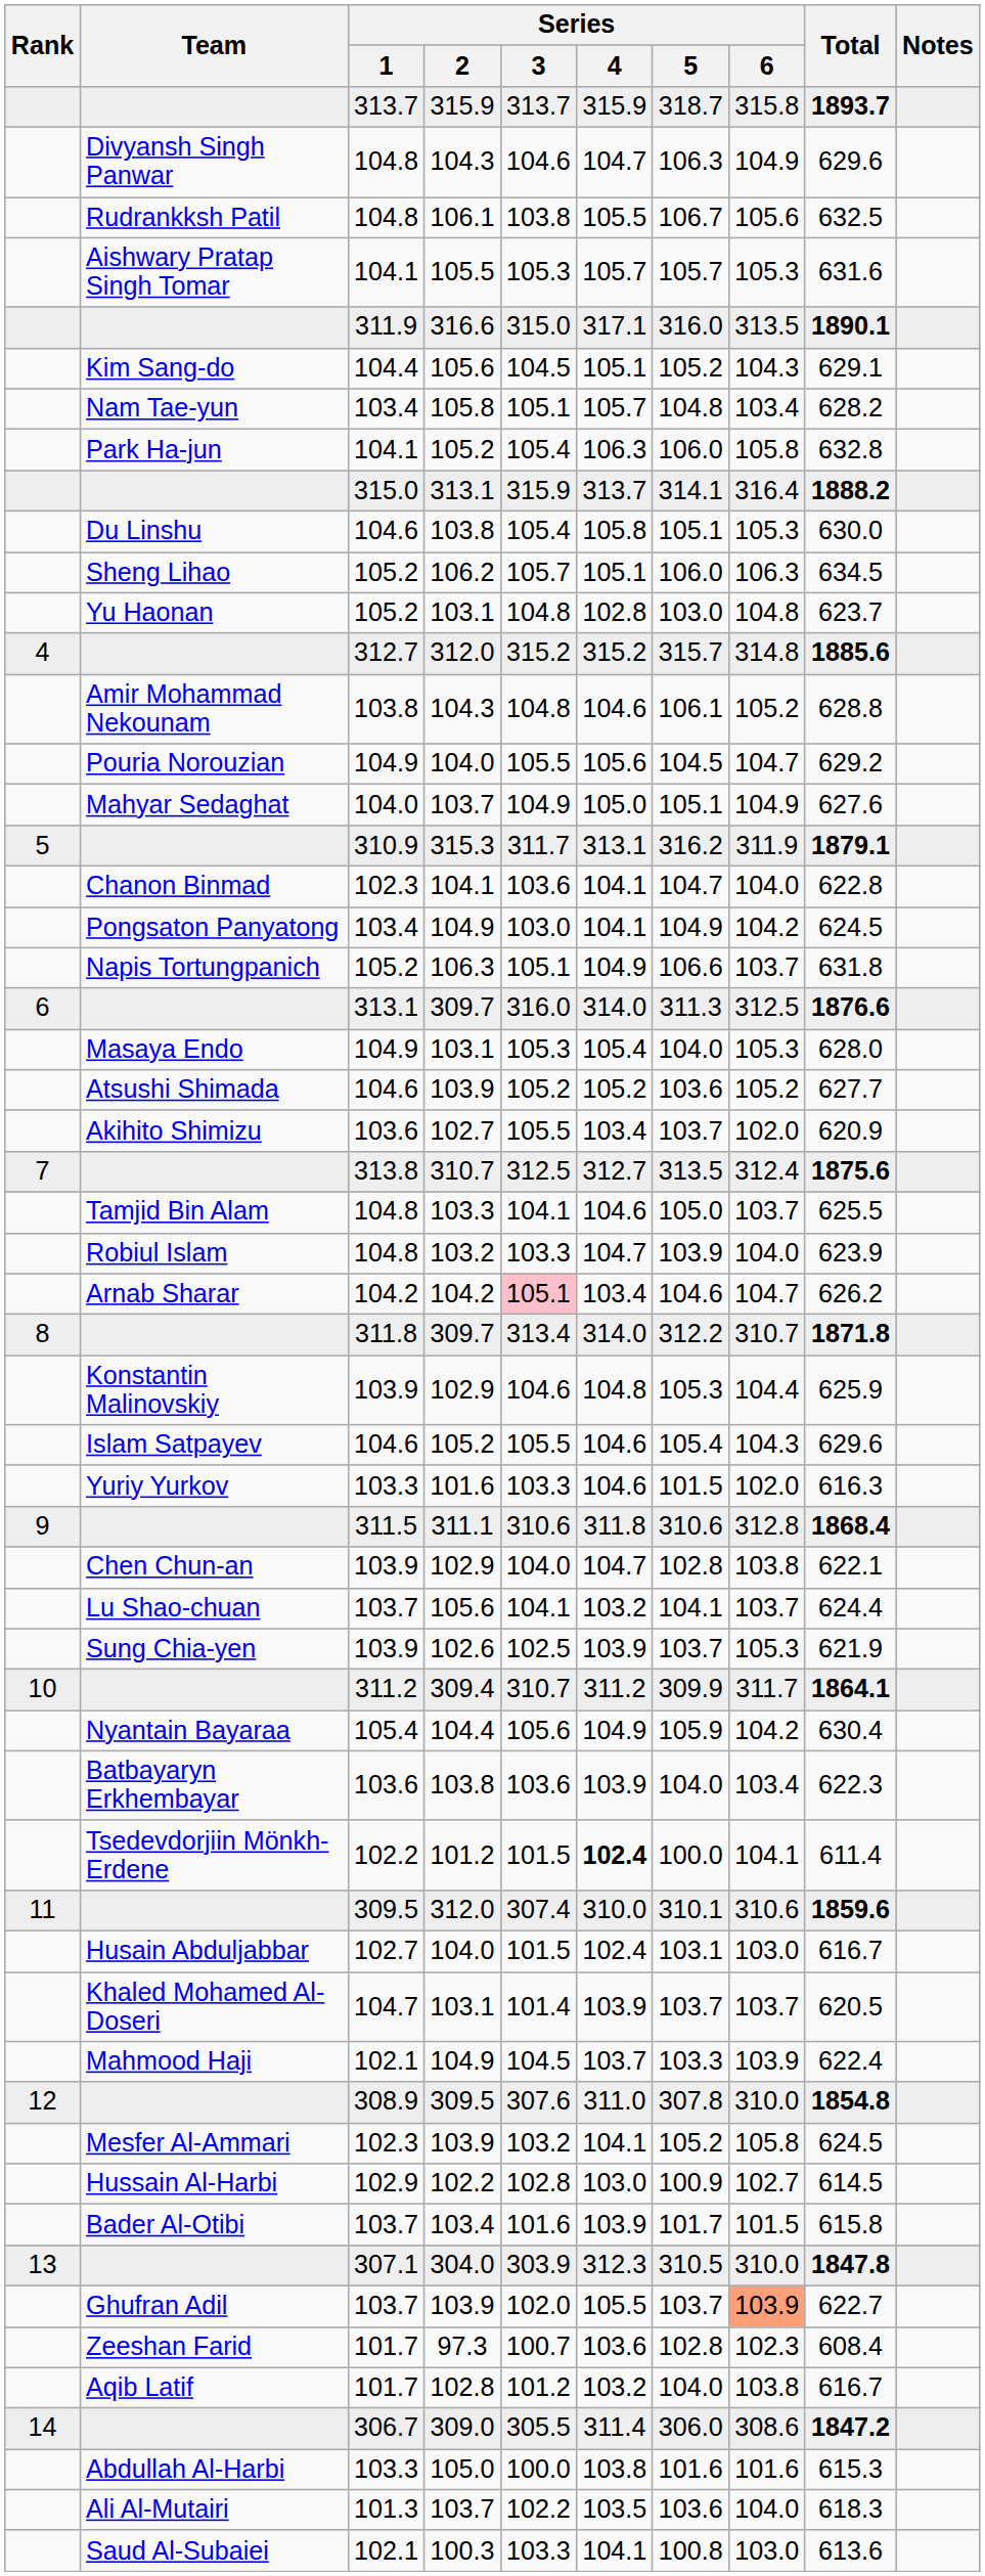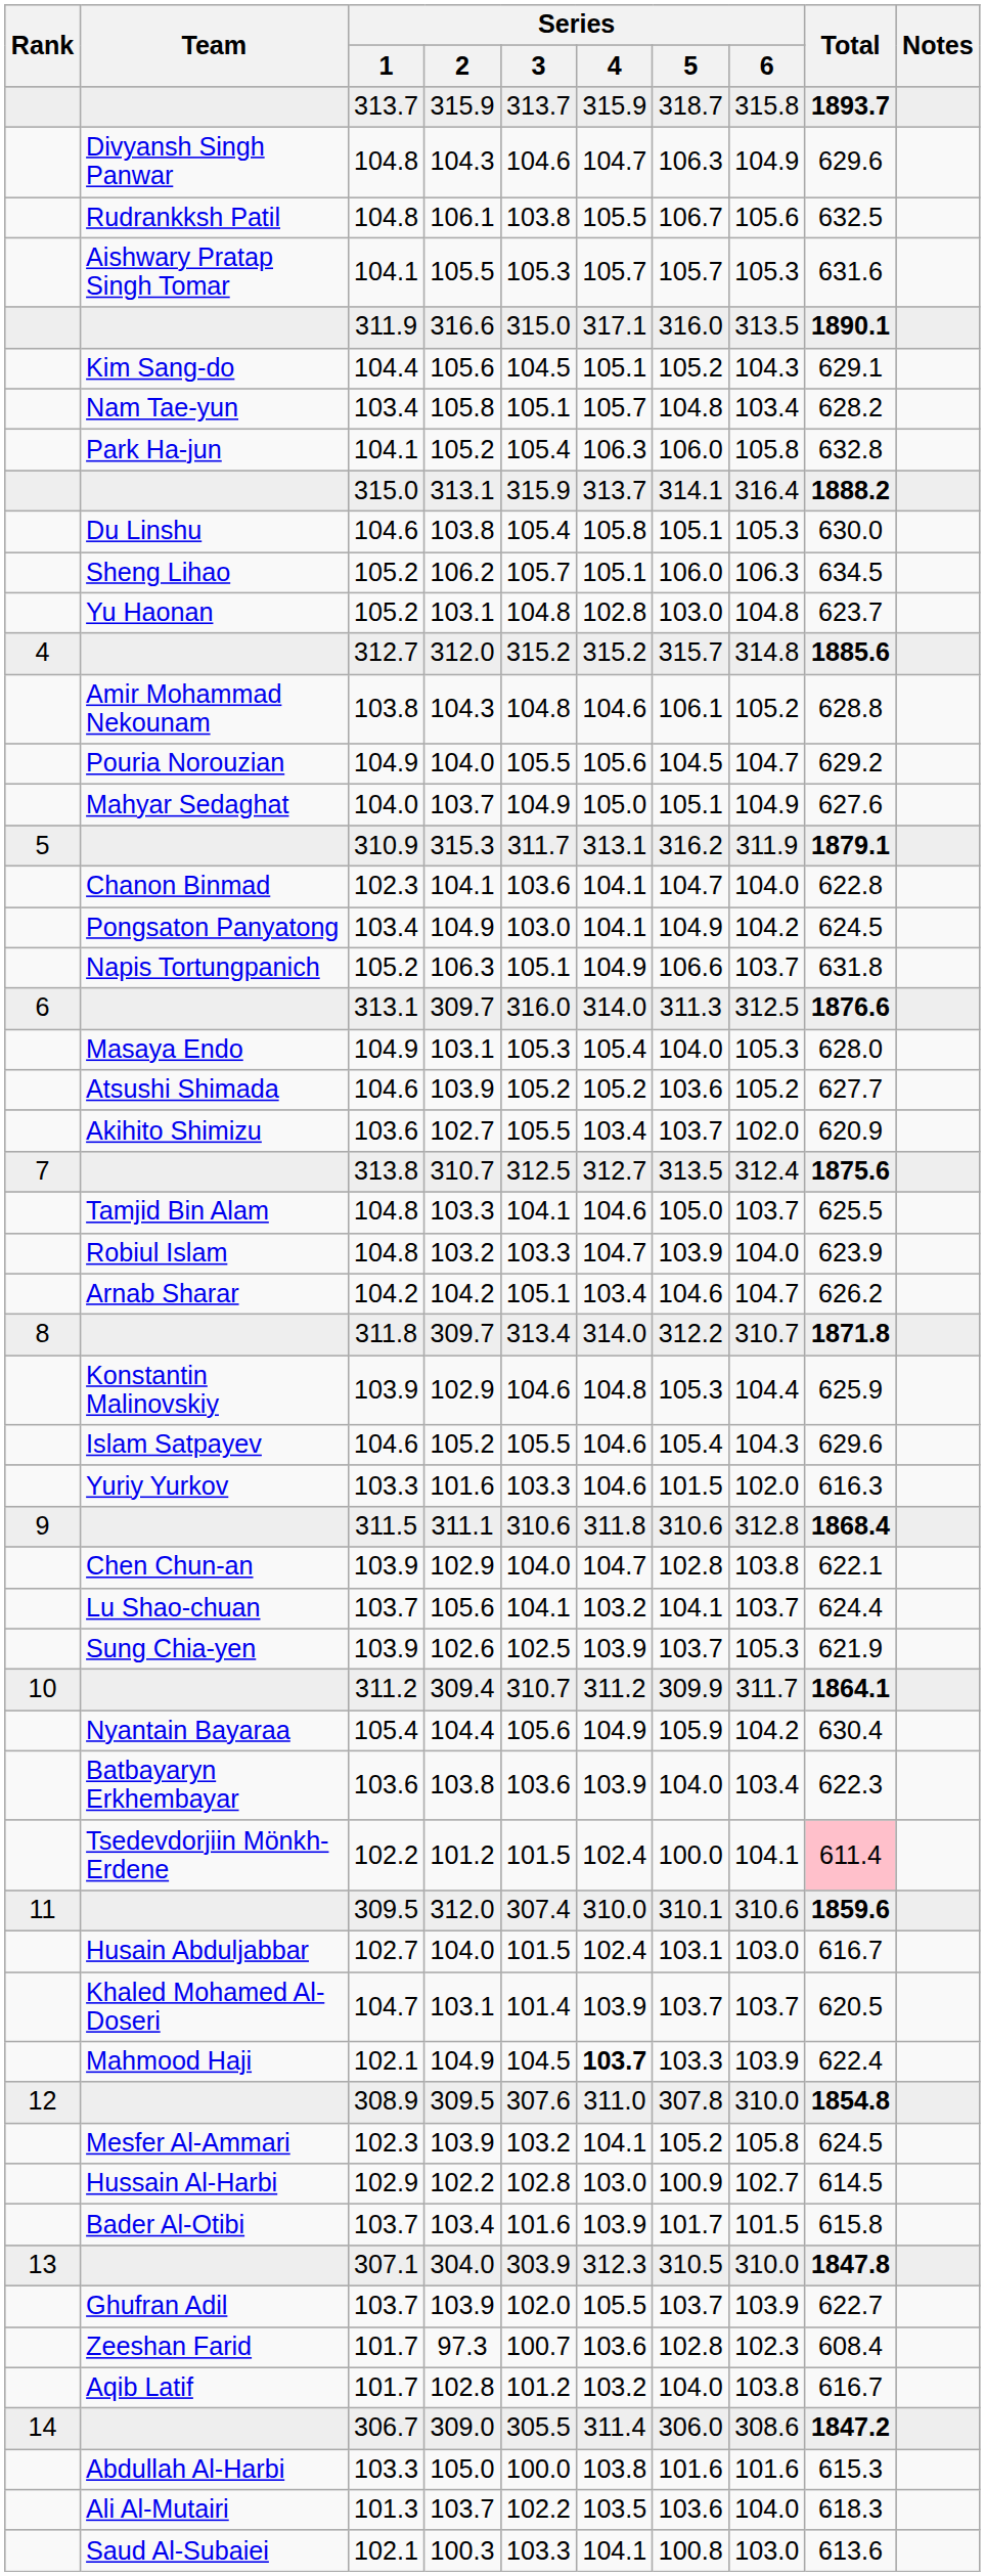 <table class="wikitable" style="text-align:center">
 <tr>
 <th rowspan=2 width=40>Rank</th>
 <th rowspan=2 width=250>Team</th>
 <th colspan=6>Series</th>
 <th rowspan=2 width=50>Total</th>
 <th rowspan=2 width=45>Notes</th>
 </tr>
 <tr>
 <th width=40>1</th>
 <th width=40>2</th>
 <th width=40>3</th>
 <th width=40>4</th>
 <th width=40>5</th>
 <th width=40>6</th>
 </tr>
 <tr bgcolor=eeeeee>
 <td></td>
 <td align=left></td>
 <td>313.7</td>
 <td>315.9</td>
 <td>313.7</td>
 <td>315.9</td>
 <td>318.7</td>
 <td>315.8</td>
 <td><strong>1893.7</strong></td>
 <td></td>
 </tr>
 <tr>
 <td></td>
 <td align=left><a href='#'>Divyansh Singh Panwar</a></td>
 <td>104.8</td>
 <td>104.3</td>
 <td>104.6</td>
 <td>104.7</td>
 <td>106.3</td>
 <td>104.9</td>
 <td>629.6</td>
 <td></td>
 </tr>
 <tr>
 <td></td>
 <td align=left><a href='#'>Rudrankksh Patil</a></td>
 <td>104.8</td>
 <td>106.1</td>
 <td>103.8</td>
 <td>105.5</td>
 <td>106.7</td>
 <td>105.6</td>
 <td>632.5</td>
 <td></td>
 </tr>
 <tr>
 <td></td>
 <td align=left><a href='#'>Aishwary Pratap Singh Tomar</a></td>
 <td>104.1</td>
 <td>105.5</td>
 <td>105.3</td>
 <td>105.7</td>
 <td>105.7</td>
 <td>105.3</td>
 <td>631.6</td>
 <td></td>
 </tr>
 <tr bgcolor=eeeeee>
 <td></td>
 <td align=left></td>
 <td>311.9</td>
 <td>316.6</td>
 <td>315.0</td>
 <td>317.1</td>
 <td>316.0</td>
 <td>313.5</td>
 <td><strong>1890.1</strong></td>
 <td></td>
 </tr>
 <tr>
 <td></td>
 <td align=left><a href='#'>Kim Sang-do</a></td>
 <td>104.4</td>
 <td>105.6</td>
 <td>104.5</td>
 <td>105.1</td>
 <td>105.2</td>
 <td>104.3</td>
 <td>629.1</td>
 <td></td>
 </tr>
 <tr>
 <td></td>
 <td align=left><a href='#'>Nam Tae-yun</a></td>
 <td>103.4</td>
 <td>105.8</td>
 <td>105.1</td>
 <td>105.7</td>
 <td>104.8</td>
 <td>103.4</td>
 <td>628.2</td>
 <td></td>
 </tr>
 <tr>
 <td></td>
 <td align=left><a href='#'>Park Ha-jun</a></td>
 <td>104.1</td>
 <td>105.2</td>
 <td>105.4</td>
 <td>106.3</td>
 <td>106.0</td>
 <td>105.8</td>
 <td>632.8</td>
 <td></td>
 </tr>
 <tr bgcolor=eeeeee>
 <td></td>
 <td align=left></td>
 <td>315.0</td>
 <td>313.1</td>
 <td>315.9</td>
 <td>313.7</td>
 <td>314.1</td>
 <td>316.4</td>
 <td><strong>1888.2</strong></td>
 <td></td>
 </tr>
 <tr>
 <td></td>
 <td align=left><a href='#'>Du Linshu</a></td>
 <td>104.6</td>
 <td>103.8</td>
 <td>105.4</td>
 <td>105.8</td>
 <td>105.1</td>
 <td>105.3</td>
 <td>630.0</td>
 <td></td>
 </tr>
 <tr>
 <td></td>
 <td align=left><a href='#'>Sheng Lihao</a></td>
 <td>105.2</td>
 <td>106.2</td>
 <td>105.7</td>
 <td>105.1</td>
 <td>106.0</td>
 <td>106.3</td>
 <td>634.5</td>
 <td></td>
 </tr>
 <tr>
 <td></td>
 <td align=left><a href='#'>Yu Haonan</a></td>
 <td>105.2</td>
 <td>103.1</td>
 <td>104.8</td>
 <td>102.8</td>
 <td>103.0</td>
 <td>104.8</td>
 <td>623.7</td>
 <td></td>
 </tr>
 <tr bgcolor=eeeeee>
 <td>4</td>
 <td align=left></td>
 <td>312.7</td>
 <td>312.0</td>
 <td>315.2</td>
 <td>315.2</td>
 <td>315.7</td>
 <td>314.8</td>
 <td><strong>1885.6</strong></td>
 <td></td>
 </tr>
 <tr>
 <td></td>
 <td align=left><a href='#'>Amir Mohammad Nekounam</a></td>
 <td>103.8</td>
 <td>104.3</td>
 <td>104.8</td>
 <td>104.6</td>
 <td>106.1</td>
 <td>105.2</td>
 <td>628.8</td>
 <td></td>
 </tr>
 <tr>
 <td></td>
 <td align=left><a href='#'>Pouria Norouzian</a></td>
 <td>104.9</td>
 <td>104.0</td>
 <td>105.5</td>
 <td>105.6</td>
 <td>104.5</td>
 <td>104.7</td>
 <td>629.2</td>
 <td></td>
 </tr>
 <tr>
 <td></td>
 <td align=left><a href='#'>Mahyar Sedaghat</a></td>
 <td>104.0</td>
 <td>103.7</td>
 <td>104.9</td>
 <td>105.0</td>
 <td>105.1</td>
 <td>104.9</td>
 <td>627.6</td>
 <td></td>
 </tr>
 <tr bgcolor=eeeeee>
 <td>5</td>
 <td align=left></td>
 <td>310.9</td>
 <td>315.3</td>
 <td>311.7</td>
 <td>313.1</td>
 <td>316.2</td>
 <td>311.9</td>
 <td><strong>1879.1</strong></td>
 <td></td>
 </tr>
 <tr>
 <td></td>
 <td align=left><a href='#'>Chanon Binmad</a></td>
 <td>102.3</td>
 <td>104.1</td>
 <td>103.6</td>
 <td>104.1</td>
 <td>104.7</td>
 <td>104.0</td>
 <td>622.8</td>
 <td></td>
 </tr>
 <tr>
 <td></td>
 <td align=left><a href='#'>Pongsaton Panyatong</a></td>
 <td>103.4</td>
 <td>104.9</td>
 <td>103.0</td>
 <td>104.1</td>
 <td>104.9</td>
 <td>104.2</td>
 <td>624.5</td>
 <td></td>
 </tr>
 <tr>
 <td></td>
 <td align=left><a href='#'>Napis Tortungpanich</a></td>
 <td>105.2</td>
 <td>106.3</td>
 <td>105.1</td>
 <td>104.9</td>
 <td>106.6</td>
 <td>103.7</td>
 <td>631.8</td>
 <td></td>
 </tr>
 <tr bgcolor=eeeeee>
 <td>6</td>
 <td align=left></td>
 <td>313.1</td>
 <td>309.7</td>
 <td>316.0</td>
 <td>314.0</td>
 <td>311.3</td>
 <td>312.5</td>
 <td><strong>1876.6</strong></td>
 <td></td>
 </tr>
 <tr>
 <td></td>
 <td align=left><a href='#'>Masaya Endo</a></td>
 <td>104.9</td>
 <td>103.1</td>
 <td>105.3</td>
 <td>105.4</td>
 <td>104.0</td>
 <td>105.3</td>
 <td>628.0</td>
 <td></td>
 </tr>
 <tr>
 <td></td>
 <td align=left><a href='#'>Atsushi Shimada</a></td>
 <td>104.6</td>
 <td>103.9</td>
 <td>105.2</td>
 <td>105.2</td>
 <td>103.6</td>
 <td>105.2</td>
 <td>627.7</td>
 <td></td>
 </tr>
 <tr>
 <td></td>
 <td align=left><a href='#'>Akihito Shimizu</a></td>
 <td>103.6</td>
 <td>102.7</td>
 <td>105.5</td>
 <td>103.4</td>
 <td>103.7</td>
 <td>102.0</td>
 <td>620.9</td>
 <td></td>
 </tr>
 <tr bgcolor=eeeeee>
 <td>7</td>
 <td align=left></td>
 <td>313.8</td>
 <td>310.7</td>
 <td>312.5</td>
 <td>312.7</td>
 <td>313.5</td>
 <td>312.4</td>
 <td><strong>1875.6</strong></td>
 <td></td>
 </tr>
 <tr>
 <td></td>
 <td align=left><a href='#'>Tamjid Bin Alam</a></td>
 <td>104.8</td>
 <td>103.3</td>
 <td>104.1</td>
 <td>104.6</td>
 <td>105.0</td>
 <td>103.7</td>
 <td>625.5</td>
 <td></td>
 </tr>
 <tr>
 <td></td>
 <td align=left><a href='#'>Robiul Islam</a></td>
 <td>104.8</td>
 <td>103.2</td>
 <td>103.3</td>
 <td>104.7</td>
 <td>103.9</td>
 <td>104.0</td>
 <td>623.9</td>
 <td></td>
 </tr>
 <tr>
 <td></td>
 <td align=left><a href='#'>Arnab Sharar</a></td>
 <td>104.2</td>
 <td>104.2</td>
-<td style="background: pink;">105.1</td>
+<td>105.1</td>
 <td>103.4</td>
 <td>104.6</td>
 <td>104.7</td>
 <td>626.2</td>
 <td></td>
 </tr>
 <tr bgcolor=eeeeee>
 <td>8</td>
 <td align=left></td>
 <td>311.8</td>
 <td>309.7</td>
 <td>313.4</td>
 <td>314.0</td>
 <td>312.2</td>
 <td>310.7</td>
 <td><strong>1871.8</strong></td>
 <td></td>
 </tr>
 <tr>
 <td></td>
 <td align=left><a href='#'>Konstantin Malinovskiy</a></td>
 <td>103.9</td>
 <td>102.9</td>
 <td>104.6</td>
 <td>104.8</td>
 <td>105.3</td>
 <td>104.4</td>
 <td>625.9</td>
 <td></td>
 </tr>
 <tr>
 <td></td>
 <td align=left><a href='#'>Islam Satpayev</a></td>
 <td>104.6</td>
 <td>105.2</td>
 <td>105.5</td>
 <td>104.6</td>
 <td>105.4</td>
 <td>104.3</td>
 <td>629.6</td>
 <td></td>
 </tr>
 <tr>
 <td></td>
 <td align=left><a href='#'>Yuriy Yurkov</a></td>
 <td>103.3</td>
 <td>101.6</td>
 <td>103.3</td>
 <td>104.6</td>
 <td>101.5</td>
 <td>102.0</td>
 <td>616.3</td>
 <td></td>
 </tr>
 <tr bgcolor=eeeeee>
 <td>9</td>
 <td align=left></td>
 <td>311.5</td>
 <td>311.1</td>
 <td>310.6</td>
 <td>311.8</td>
 <td>310.6</td>
 <td>312.8</td>
 <td><strong>1868.4</strong></td>
 <td></td>
 </tr>
 <tr>
 <td></td>
 <td align=left><a href='#'>Chen Chun-an</a></td>
 <td>103.9</td>
 <td>102.9</td>
 <td>104.0</td>
 <td>104.7</td>
 <td>102.8</td>
 <td>103.8</td>
 <td>622.1</td>
 <td></td>
 </tr>
 <tr>
 <td></td>
 <td align=left><a href='#'>Lu Shao-chuan</a></td>
 <td>103.7</td>
 <td>105.6</td>
 <td>104.1</td>
 <td>103.2</td>
 <td>104.1</td>
 <td>103.7</td>
 <td>624.4</td>
 <td></td>
 </tr>
 <tr>
 <td></td>
 <td align=left><a href='#'>Sung Chia-yen</a></td>
 <td>103.9</td>
 <td>102.6</td>
 <td>102.5</td>
 <td>103.9</td>
 <td>103.7</td>
 <td>105.3</td>
 <td>621.9</td>
 <td></td>
 </tr>
 <tr bgcolor=eeeeee>
 <td>10</td>
 <td align=left></td>
 <td>311.2</td>
 <td>309.4</td>
 <td>310.7</td>
 <td>311.2</td>
 <td>309.9</td>
 <td>311.7</td>
 <td><strong>1864.1</strong></td>
 <td></td>
 </tr>
 <tr>
 <td></td>
 <td align=left><a href='#'>Nyantain Bayaraa</a></td>
 <td>105.4</td>
 <td>104.4</td>
 <td>105.6</td>
 <td>104.9</td>
 <td>105.9</td>
 <td>104.2</td>
 <td>630.4</td>
 <td></td>
 </tr>
 <tr>
 <td></td>
 <td align=left><a href='#'>Batbayaryn Erkhembayar</a></td>
 <td>103.6</td>
 <td>103.8</td>
 <td>103.6</td>
 <td>103.9</td>
 <td>104.0</td>
 <td>103.4</td>
 <td>622.3</td>
 <td></td>
 </tr>
 <tr>
 <td></td>
 <td align=left><a href='#'>Tsedevdorjiin Mönkh-Erdene</a></td>
 <td>102.2</td>
 <td>101.2</td>
 <td>101.5</td>
-<td><strong>102.4</strong></td>
+<td>102.4</td>
 <td>100.0</td>
 <td>104.1</td>
-<td>611.4</td>
+<td style="background: pink;">611.4</td>
 <td></td>
 </tr>
 <tr bgcolor=eeeeee>
 <td>11</td>
 <td align=left></td>
 <td>309.5</td>
 <td>312.0</td>
 <td>307.4</td>
 <td>310.0</td>
 <td>310.1</td>
 <td>310.6</td>
 <td><strong>1859.6</strong></td>
 <td></td>
 </tr>
 <tr>
 <td></td>
 <td align=left><a href='#'>Husain Abduljabbar</a></td>
 <td>102.7</td>
 <td>104.0</td>
 <td>101.5</td>
 <td>102.4</td>
 <td>103.1</td>
 <td>103.0</td>
 <td>616.7</td>
 <td></td>
 </tr>
 <tr>
 <td></td>
 <td align=left><a href='#'>Khaled Mohamed Al-Doseri</a></td>
 <td>104.7</td>
 <td>103.1</td>
 <td>101.4</td>
 <td>103.9</td>
 <td>103.7</td>
 <td>103.7</td>
 <td>620.5</td>
 <td></td>
 </tr>
 <tr>
 <td></td>
 <td align=left><a href='#'>Mahmood Haji</a></td>
 <td>102.1</td>
 <td>104.9</td>
 <td>104.5</td>
-<td>103.7</td>
+<td><strong>103.7</strong></td>
 <td>103.3</td>
 <td>103.9</td>
 <td>622.4</td>
 <td></td>
 </tr>
 <tr bgcolor=eeeeee>
 <td>12</td>
 <td align=left></td>
 <td>308.9</td>
 <td>309.5</td>
 <td>307.6</td>
 <td>311.0</td>
 <td>307.8</td>
 <td>310.0</td>
 <td><strong>1854.8</strong></td>
 <td></td>
 </tr>
 <tr>
 <td></td>
 <td align=left><a href='#'>Mesfer Al-Ammari</a></td>
 <td>102.3</td>
 <td>103.9</td>
 <td>103.2</td>
 <td>104.1</td>
 <td>105.2</td>
 <td>105.8</td>
 <td>624.5</td>
 <td></td>
 </tr>
 <tr>
 <td></td>
 <td align=left><a href='#'>Hussain Al-Harbi</a></td>
 <td>102.9</td>
 <td>102.2</td>
 <td>102.8</td>
 <td>103.0</td>
 <td>100.9</td>
 <td>102.7</td>
 <td>614.5</td>
 <td></td>
 </tr>
 <tr>
 <td></td>
 <td align=left><a href='#'>Bader Al-Otibi</a></td>
 <td>103.7</td>
 <td>103.4</td>
 <td>101.6</td>
 <td>103.9</td>
 <td>101.7</td>
 <td>101.5</td>
 <td>615.8</td>
 <td></td>
 </tr>
 <tr bgcolor=eeeeee>
 <td>13</td>
 <td align=left></td>
 <td>307.1</td>
 <td>304.0</td>
 <td>303.9</td>
 <td>312.3</td>
 <td>310.5</td>
 <td>310.0</td>
 <td><strong>1847.8</strong></td>
 <td></td>
 </tr>
 <tr>
 <td></td>
 <td align=left><a href='#'>Ghufran Adil</a></td>
 <td>103.7</td>
 <td>103.9</td>
 <td>102.0</td>
 <td>105.5</td>
 <td>103.7</td>
-<td style="background: lightsalmon;">103.9</td>
+<td>103.9</td>
 <td>622.7</td>
 <td></td>
 </tr>
 <tr>
 <td></td>
 <td align=left><a href='#'>Zeeshan Farid</a></td>
 <td>101.7</td>
 <td>97.3</td>
 <td>100.7</td>
 <td>103.6</td>
 <td>102.8</td>
 <td>102.3</td>
 <td>608.4</td>
 <td></td>
 </tr>
 <tr>
 <td></td>
 <td align=left><a href='#'>Aqib Latif</a></td>
 <td>101.7</td>
 <td>102.8</td>
 <td>101.2</td>
 <td>103.2</td>
 <td>104.0</td>
 <td>103.8</td>
 <td>616.7</td>
 <td></td>
 </tr>
 <tr bgcolor=eeeeee>
 <td>14</td>
 <td align=left></td>
 <td>306.7</td>
 <td>309.0</td>
 <td>305.5</td>
 <td>311.4</td>
 <td>306.0</td>
 <td>308.6</td>
 <td><strong>1847.2</strong></td>
 <td></td>
 </tr>
 <tr>
 <td></td>
 <td align=left><a href='#'>Abdullah Al-Harbi</a></td>
 <td>103.3</td>
 <td>105.0</td>
 <td>100.0</td>
 <td>103.8</td>
 <td>101.6</td>
 <td>101.6</td>
 <td>615.3</td>
 <td></td>
 </tr>
 <tr>
 <td></td>
 <td align=left><a href='#'>Ali Al-Mutairi</a></td>
 <td>101.3</td>
 <td>103.7</td>
 <td>102.2</td>
 <td>103.5</td>
 <td>103.6</td>
 <td>104.0</td>
 <td>618.3</td>
 <td></td>
 </tr>
 <tr>
 <td></td>
 <td align=left><a href='#'>Saud Al-Subaiei</a></td>
 <td>102.1</td>
 <td>100.3</td>
 <td>103.3</td>
 <td>104.1</td>
 <td>100.8</td>
 <td>103.0</td>
 <td>613.6</td>
 <td></td>
 </tr>
 </table>
